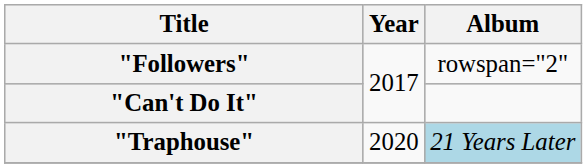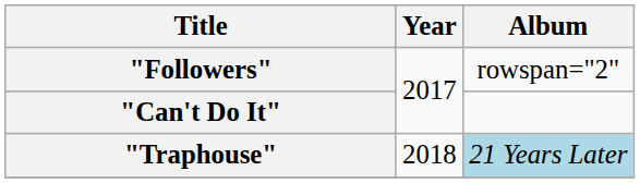 <table class="wikitable plainrowheaders" style="text-align:center;">
 <tr>
 <th scope="col" style="width:14em;">Title</th>
 <th scope="col">Year</th>
 <th scope="col">Album</th>
 </tr>
 <tr>
 <th scope="row">"Followers"</th>
 <td rowspan="2">2017</td>
 <td>rowspan="2" </td>
 </tr>
 <tr>
 <th scope="row">"Can't Do It"</th>
 </tr>
 <tr>
 <th scope="row">"Traphouse"</th>
-<td>2020</td>
+<td>2018</td>
 <td style="background: lightblue;"><em>21 Years Later</em></td>
 </tr>
 <tr>
 </tr>
 </table>
